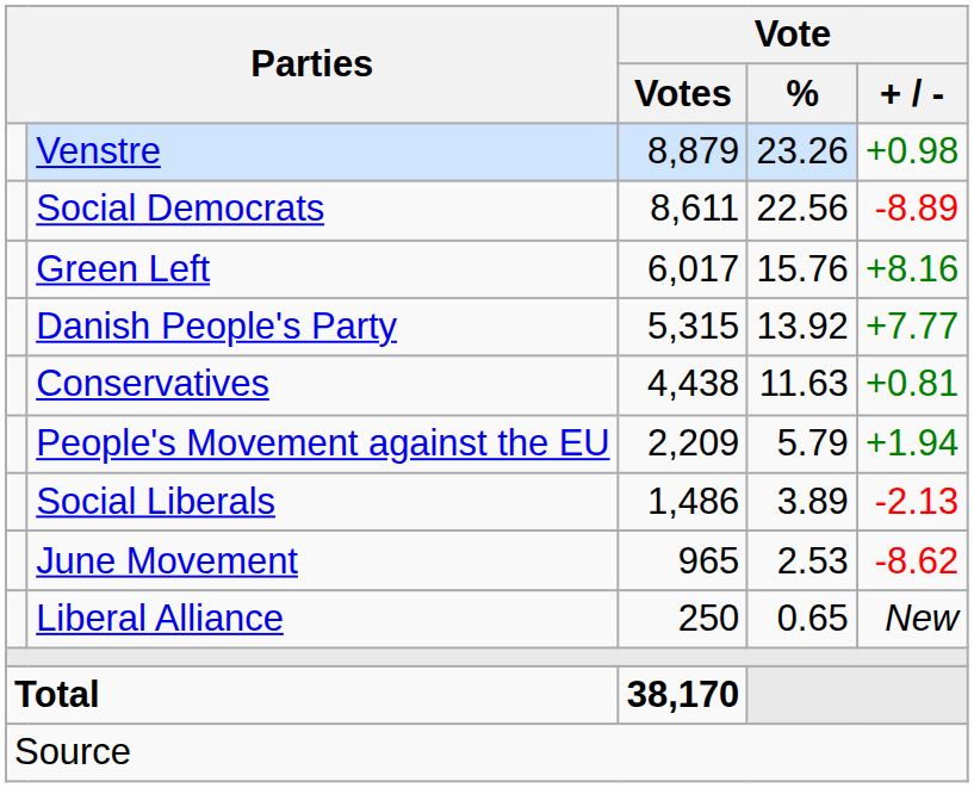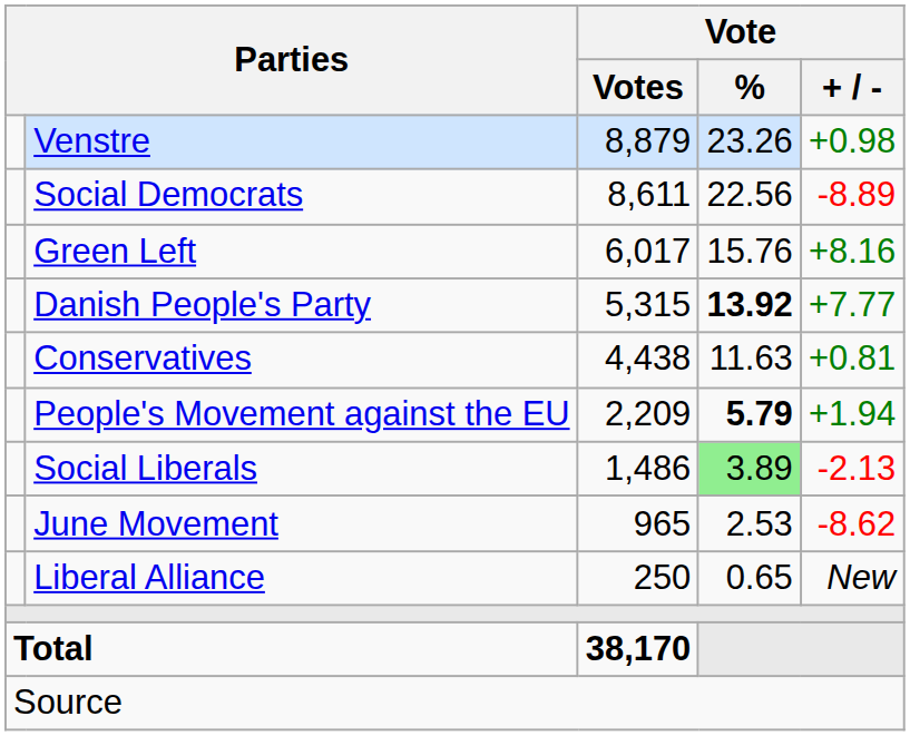 <table class="wikitable" style="text-align:right;">
 <tr>
 <th style="text-align:centre;" rowspan="2" colspan="2" width="225">Parties</th>
 <th colspan="3">Vote</th>
 </tr>
 <tr>
 <th width="15">Votes</th>
 <th width="15">%</th>
 <th width="15">+ / -</th>
 </tr>
 <tr>
 <td width="2" style="color:inherit;background:"></td>
 <td bgcolor=#cfe5fe   align="left"><a href='#'>Venstre</a></td>
 <td bgcolor=#cfe5fe>8,879</td>
 <td bgcolor=#cfe5fe>23.26</td>
 <td style=color:green;>+0.98</td>
 </tr>
 <tr>
 <td width="2" style="color:inherit;background:"></td>
 <td align="left"><a href='#'>Social Democrats</a></td>
 <td>8,611</td>
 <td>22.56</td>
 <td style=color:red;>-8.89</td>
 </tr>
 <tr>
 <td width="2" style="color:inherit;background:"></td>
 <td align="left"><a href='#'>Green Left</a></td>
 <td>6,017</td>
 <td>15.76</td>
 <td style=color:green;>+8.16</td>
 </tr>
 <tr>
 <td width="2" style="color:inherit;background:"></td>
 <td align="left"><a href='#'>Danish People's Party</a></td>
 <td>5,315</td>
-<td>13.92</td>
+<td><strong>13.92</strong></td>
 <td style=color:green;>+7.77</td>
 </tr>
 <tr>
 <td width="2" style="color:inherit;background:"></td>
 <td align="left"><a href='#'>Conservatives</a></td>
 <td>4,438</td>
 <td>11.63</td>
 <td style=color:green;>+0.81</td>
 </tr>
 <tr>
 <td width="2" style="color:inherit;background:"></td>
 <td align="left"><a href='#'>People's Movement against the EU</a></td>
 <td>2,209</td>
-<td>5.79</td>
+<td><strong>5.79</strong></td>
 <td style=color:green;>+1.94</td>
 </tr>
 <tr>
 <td width="2" style="color:inherit;background:"></td>
 <td align="left"><a href='#'>Social Liberals</a></td>
 <td>1,486</td>
-<td>3.89</td>
+<td style="background: lightgreen;">3.89</td>
 <td style=color:red;>-2.13</td>
 </tr>
 <tr>
 <td width="2" style="color:inherit;background:"></td>
 <td align="left"><a href='#'>June Movement</a></td>
 <td>965</td>
 <td>2.53</td>
 <td style=color:red;>-8.62</td>
 </tr>
 <tr>
 <td width="2" style="color:inherit;background:"></td>
 <td align="left"><a href='#'>Liberal Alliance</a></td>
 <td>250</td>
 <td>0.65</td>
 <td><em>New</em></td>
 </tr>
 <tr>
 <td colspan="7" bgcolor="#E9E9E9"></td>
 </tr>
 <tr>
 <td align="left" colspan="2"><strong>Total</strong></td>
 <td><strong>38,170</strong></td>
 <td bgcolor="#E9E9E9" colspan="2"></td>
 </tr>
 <tr>
 <td align="left" colspan="6">Source</td>
 </tr>
 </table>
